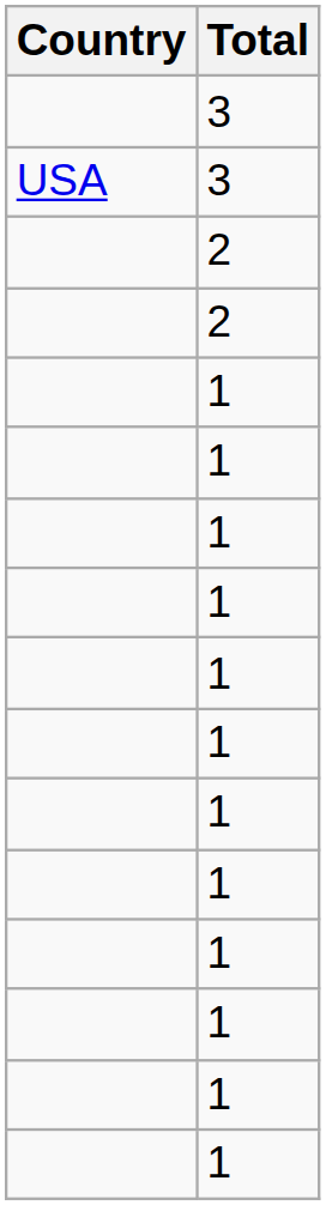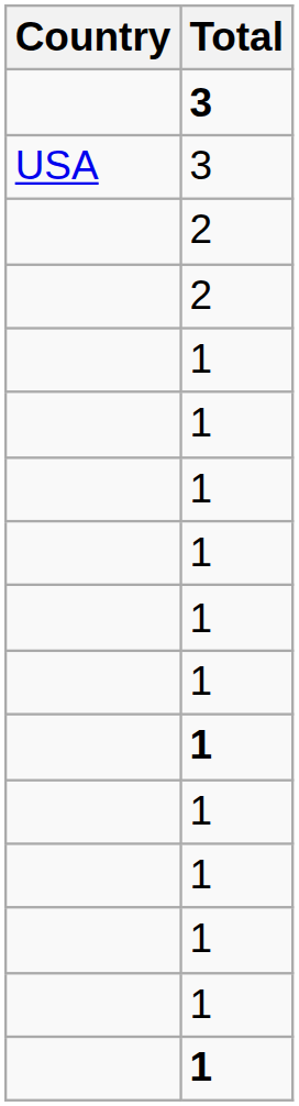 <table class="wikitable sortable">
 <tr>
 <th>Country</th>
 <th>Total</th>
 </tr>
 <tr>
 <td></td>
-<td>3</td>
+<td><strong>3</strong></td>
 </tr>
 <tr>
 <td> <a href='#'>USA</a></td>
 <td>3</td>
 </tr>
 <tr>
 <td></td>
 <td>2</td>
 </tr>
 <tr>
 <td></td>
 <td>2</td>
 </tr>
 <tr>
 <td></td>
 <td>1</td>
 </tr>
 <tr>
 <td></td>
 <td>1</td>
 </tr>
 <tr>
 <td></td>
 <td>1</td>
 </tr>
 <tr>
 <td></td>
 <td>1</td>
 </tr>
 <tr>
 <td></td>
 <td>1</td>
 </tr>
 <tr>
 <td></td>
 <td>1</td>
 </tr>
 <tr>
 <td></td>
-<td>1</td>
+<td><strong>1</strong></td>
 </tr>
 <tr>
 <td></td>
 <td>1</td>
 </tr>
 <tr>
 <td></td>
 <td>1</td>
 </tr>
 <tr>
 <td></td>
 <td>1</td>
 </tr>
 <tr>
 <td></td>
 <td>1</td>
 </tr>
 <tr>
 <td></td>
-<td>1</td>
+<td><strong>1</strong></td>
 </tr>
 </table>
